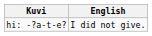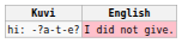 <table class="wikitable">
 <tr>
 <th>Kuvi</th>
 <th>English</th>
 </tr>
 <tr>
 <td>hi: -?a-t-e?</td>
-<td>I did not give.</td>
+<td style="background: pink;">I did not give.</td>
 </tr>
 </table>
